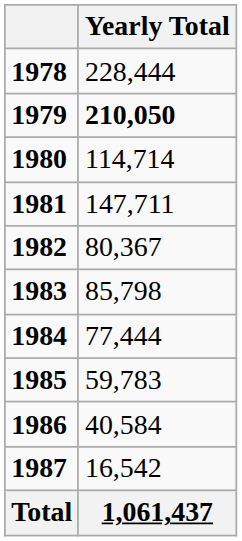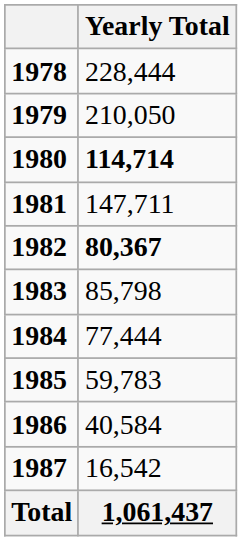 <table class="wikitable">
 <tr>
 <th></th>
 <th>Yearly Total</th>
 </tr>
 <tr>
 <td><strong>1978</strong></td>
 <td>228,444</td>
 </tr>
 <tr>
 <td><strong>1979</strong></td>
-<td><strong>210,050</strong></td>
+<td>210,050</td>
 </tr>
 <tr>
 <td><strong>1980</strong></td>
-<td>114,714</td>
+<td><strong>114,714</strong></td>
 </tr>
 <tr>
 <td><strong>1981</strong></td>
 <td>147,711</td>
 </tr>
 <tr>
 <td><strong>1982</strong></td>
-<td>80,367</td>
+<td><strong>80,367</strong></td>
 </tr>
 <tr>
 <td><strong>1983</strong></td>
 <td>85,798</td>
 </tr>
 <tr>
 <td><strong>1984</strong></td>
 <td>77,444</td>
 </tr>
 <tr>
 <td><strong>1985</strong></td>
 <td>59,783</td>
 </tr>
 <tr>
 <td><strong>1986</strong></td>
 <td>40,584</td>
 </tr>
 <tr>
 <td><strong>1987</strong></td>
 <td>16,542</td>
 </tr>
 <tr>
 <th><strong>Total</strong></th>
 <th><strong><u>1,061,437</u></strong></th>
 </tr>
 </table>
